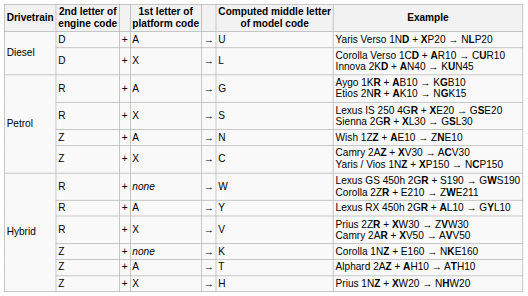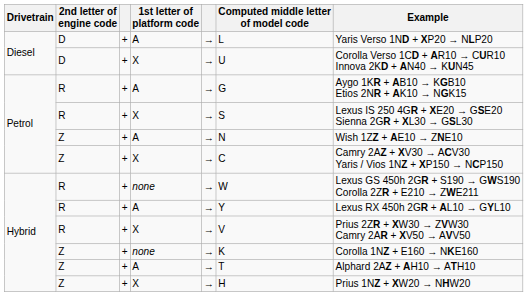 <table class="wikitable">
 <tr>
 <th>Drivetrain</th>
 <th>2nd letter of <br>engine code</th>
 <th></th>
 <th>1st letter of <br>platform code</th>
 <th></th>
 <th>Computed middle letter <br>of model code</th>
 <th>Example</th>
 </tr>
 <tr>
 <td rowspan=2>Diesel</td>
 <td>D</td>
 <td>+</td>
 <td>A</td>
 <td>→</td>
-<td>U</td>
+<td>L</td>
 <td>Yaris Verso 1N<strong>D</strong> + <strong>X</strong>P20 → N<strong>L</strong>P20</td>
 </tr>
 <tr>
 <td>D</td>
 <td>+</td>
 <td>X</td>
 <td>→</td>
-<td>L</td>
+<td>U</td>
 <td>Corolla Verso 1C<strong>D</strong> + <strong>A</strong>R10 → C<strong>U</strong>R10 <br>Innova 2K<strong>D</strong> + <strong>A</strong>N40 → K<strong>U</strong>N45</td>
 </tr>
 <tr>
 <td rowspan=4>Petrol</td>
 <td>R</td>
 <td>+</td>
 <td>A</td>
 <td>→</td>
 <td>G</td>
 <td>Aygo 1K<strong>R</strong> + <strong>A</strong>B10 → K<strong>G</strong>B10 <br>Etios 2N<strong>R</strong> + <strong>A</strong>K10 → N<strong>G</strong>K15</td>
 </tr>
 <tr>
 <td>R</td>
 <td>+</td>
 <td>X</td>
 <td>→</td>
 <td>S</td>
 <td>Lexus IS 250 4G<strong>R</strong> + <strong>X</strong>E20 → G<strong>S</strong>E20 <br>Sienna 2G<strong>R</strong> + <strong>X</strong>L30 → G<strong>S</strong>L30</td>
 </tr>
 <tr>
 <td>Z</td>
 <td>+</td>
 <td>A</td>
 <td>→</td>
 <td>N</td>
 <td>Wish 1Z<strong>Z</strong> + <strong>A</strong>E10 → Z<strong>N</strong>E10</td>
 </tr>
 <tr>
 <td>Z</td>
 <td>+</td>
 <td>X</td>
 <td>→</td>
 <td>C</td>
 <td>Camry 2A<strong>Z</strong> + <strong>X</strong>V30 → A<strong>C</strong>V30<br>Yaris / Vios 1N<strong>Z</strong> + <strong>X</strong>P150 → N<strong>C</strong>P150</td>
 </tr>
 <tr>
 <td rowspan=6>Hybrid</td>
 <td>R</td>
 <td>+</td>
 <td><em>none</em></td>
 <td>→</td>
 <td>W</td>
 <td>Lexus GS 450h 2G<strong>R</strong> + S190 → G<strong>W</strong>S190<br>Corolla 2Z<strong>R</strong> + E210 → Z<strong>W</strong>E211</td>
 </tr>
 <tr>
 <td>R</td>
 <td>+</td>
 <td>A</td>
 <td>→</td>
 <td>Y</td>
 <td>Lexus RX 450h 2G<strong>R</strong> + <strong>A</strong>L10 → G<strong>Y</strong>L10</td>
 </tr>
 <tr>
 <td>R</td>
 <td>+</td>
 <td>X</td>
 <td>→</td>
 <td>V</td>
 <td>Prius 2Z<strong>R</strong> + <strong>X</strong>W30 → Z<strong>V</strong>W30<br>Camry 2A<strong>R</strong> + <strong>X</strong>V50 <strong>→</strong> A<strong>V</strong>V50</td>
 </tr>
 <tr>
 <td>Z</td>
 <td>+</td>
 <td><em>none</em></td>
 <td>→</td>
 <td>K</td>
 <td>Corolla 1N<strong>Z</strong> + E160 → N<strong>K</strong>E160</td>
 </tr>
 <tr>
 <td>Z</td>
 <td>+</td>
 <td>A</td>
 <td>→</td>
 <td>T</td>
 <td>Alphard 2A<strong>Z</strong> + <strong>A</strong>H10 → A<strong>T</strong>H10</td>
 </tr>
 <tr>
 <td>Z</td>
 <td>+</td>
 <td>X</td>
 <td>→</td>
 <td>H</td>
 <td>Prius 1N<strong>Z</strong> + <strong>X</strong>W20 → N<strong>H</strong>W20</td>
 </tr>
 </table>
